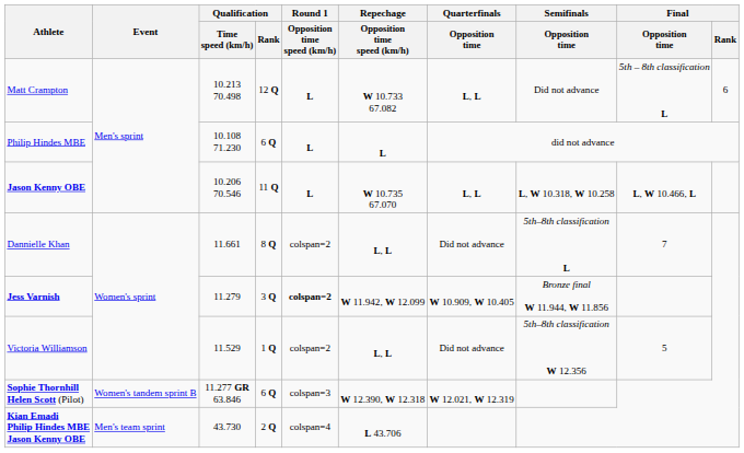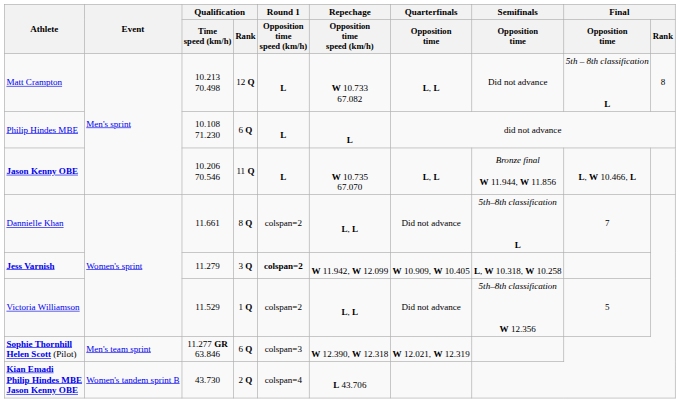 <table class="wikitable" style="font-size:90%;">
 <tr>
 <th rowspan=2>Athlete</th>
 <th rowspan=2>Event</th>
 <th colspan=2>Qualification</th>
 <th>Round 1</th>
 <th>Repechage</th>
 <th>Quarterfinals</th>
 <th>Semifinals</th>
 <th colspan=2>Final</th>
 </tr>
 <tr style="font-size:95%">
 <th>Time<br>speed (km/h)</th>
 <th>Rank</th>
 <th>Opposition<br>time<br>speed (km/h)</th>
 <th>Opposition<br>time<br>speed (km/h)</th>
 <th>Opposition<br>time</th>
 <th>Opposition<br>time</th>
 <th>Opposition<br>time</th>
 <th>Rank</th>
 </tr>
 <tr align=center>
 <td align=left><a href='#'>Matt Crampton</a></td>
 <td style="text-align:left;" rowspan="3"><a href='#'>Men's sprint</a></td>
 <td>10.213<br>70.498</td>
 <td>12 <strong>Q</strong></td>
 <td><br><strong>L</strong></td>
 <td><br><br><strong>W</strong> 10.733<br>67.082</td>
 <td><br><strong>L</strong>, <strong>L</strong></td>
 <td>Did not advance</td>
 <td><em>5th – 8th classification</em><br><br><br><br><strong>L</strong></td>
-<td>6</td>
+<td>8</td>
 </tr>
 <tr align=center>
 <td align=left><a href='#'>Philip Hindes MBE</a></td>
 <td>10.108<br>71.230</td>
 <td>6 <strong>Q</strong></td>
 <td><br><strong>L</strong></td>
 <td><br><br><strong>L</strong></td>
 <td colspan="4">did not advance</td>
 </tr>
 <tr align=center>
 <td align=left><strong><a href='#'>Jason Kenny OBE</a></strong></td>
 <td>10.206<br>70.546</td>
 <td>11 <strong>Q</strong></td>
 <td><br><strong>L</strong></td>
 <td><br><br><strong>W</strong> 10.735<br>67.070</td>
 <td><br><strong>L</strong>, <strong>L</strong></td>
-<td><br><strong>L</strong>, <strong>W</strong> 10.318, <strong>W</strong> 10.258</td>
+<td><em>Bronze final</em><br><br><strong>W</strong> 11.944, <strong>W</strong> 11.856</td>
 <td><br><strong>L</strong>, <strong>W</strong> 10.466, <strong>L</strong></td>
 <td></td>
 </tr>
 <tr align=center>
 <td align=left><a href='#'>Dannielle Khan</a></td>
 <td style="text-align:left;" rowspan="3"><a href='#'>Women's sprint</a></td>
 <td>11.661</td>
 <td>8 <strong>Q</strong></td>
 <td>colspan=2 </td>
 <td><br><strong>L</strong>, <strong>L</strong></td>
 <td>Did not advance</td>
 <td><em>5th–8th classification</em><br><br><br><br><strong>L</strong></td>
 <td>7</td>
 </tr>
 <tr align=center>
 <td align=left><strong><a href='#'>Jess Varnish</a></strong></td>
 <td>11.279</td>
 <td>3 <strong>Q</strong></td>
 <td><strong>colspan=2 </strong></td>
 <td><br><strong>W</strong> 11.942, <strong>W</strong> 12.099</td>
 <td><br><strong>W</strong> 10.909, <strong>W</strong> 10.405</td>
-<td><em>Bronze final</em><br><br><strong>W</strong> 11.944, <strong>W</strong> 11.856</td>
+<td><br><strong>L</strong>, <strong>W</strong> 10.318, <strong>W</strong> 10.258</td>
 <td></td>
 </tr>
 <tr align=center>
 <td align=left><a href='#'>Victoria Williamson</a></td>
 <td>11.529</td>
 <td>1 <strong>Q</strong></td>
 <td>colspan=2 </td>
 <td><br><strong>L</strong>, <strong>L</strong></td>
 <td>Did not advance</td>
 <td><em>5th–8th classification</em><br><br><br><br><strong>W</strong> 12.356</td>
 <td>5</td>
 </tr>
 <tr align=center>
 <td align=left><strong><a href='#'>Sophie Thornhill</a><br><a href='#'>Helen Scott</a></strong> (Pilot)</td>
-<td align=left><a href='#'>Women's tandem sprint B</a></td>
+<td align=left><a href='#'>Men's team sprint</a></td>
 <td>11.277 <strong>GR</strong><br>63.846</td>
 <td>6 <strong>Q</strong></td>
 <td>colspan=3 </td>
 <td><br><strong>W</strong> 12.390, <strong>W</strong> 12.318</td>
 <td><br><strong>W</strong> 12.021, <strong>W</strong> 12.319</td>
 <td></td>
 </tr>
 <tr align=center>
 <td align=left><strong><a href='#'>Kian Emadi</a><br><a href='#'>Philip Hindes MBE</a><br><a href='#'>Jason Kenny OBE</a></strong></td>
-<td align=left><a href='#'>Men's team sprint</a></td>
+<td align=left><a href='#'>Women's tandem sprint B</a></td>
 <td>43.730</td>
 <td>2 <strong>Q</strong></td>
 <td>colspan=4 </td>
 <td><br><strong>L</strong> 43.706</td>
 <td></td>
 </tr>
 </table>
